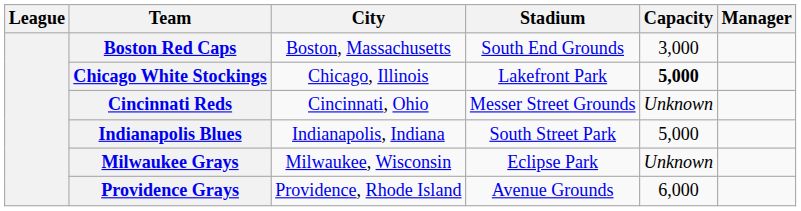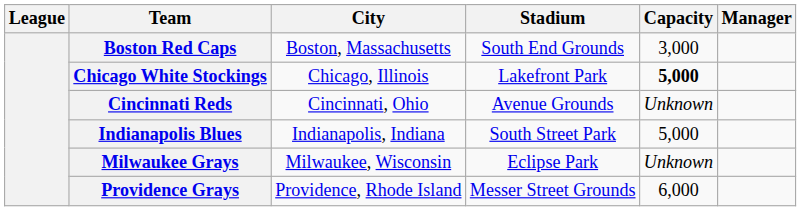 <table class="wikitable sortable plainrowheaders" style="text-align:center;">
 <tr>
 <th scope="col">League</th>
 <th scope="col">Team</th>
 <th scope="col">City</th>
 <th scope="col">Stadium</th>
 <th scope="col">Capacity</th>
 <th scope="col">Manager</th>
 </tr>
 <tr>
 <th rowspan="6"></th>
 <th scope="row"><a href='#'>Boston Red Caps</a></th>
 <td><a href='#'>Boston</a>, <a href='#'>Massachusetts</a></td>
 <td><a href='#'>South End Grounds</a></td>
 <td>3,000</td>
 <td></td>
 </tr>
 <tr>
 <th scope="row"><a href='#'>Chicago White Stockings</a></th>
 <td><a href='#'>Chicago</a>, <a href='#'>Illinois</a></td>
 <td><a href='#'>Lakefront Park</a></td>
 <td><strong>5,000</strong></td>
 <td></td>
 </tr>
 <tr>
 <th scope="row"><a href='#'>Cincinnati Reds</a></th>
 <td><a href='#'>Cincinnati</a>, <a href='#'>Ohio</a></td>
-<td><a href='#'>Messer Street Grounds</a></td>
+<td><a href='#'>Avenue Grounds</a></td>
 <td><em>Unknown</em></td>
 <td></td>
 </tr>
 <tr>
 <th scope="row"><a href='#'>Indianapolis Blues</a></th>
 <td><a href='#'>Indianapolis</a>, <a href='#'>Indiana</a></td>
 <td><a href='#'>South Street Park</a></td>
 <td>5,000</td>
 <td></td>
 </tr>
 <tr>
 <th scope="row"><a href='#'>Milwaukee Grays</a></th>
 <td><a href='#'>Milwaukee</a>, <a href='#'>Wisconsin</a></td>
 <td><a href='#'>Eclipse Park</a></td>
 <td><em>Unknown</em></td>
 <td></td>
 </tr>
 <tr>
 <th scope="row"><a href='#'>Providence Grays</a></th>
 <td><a href='#'>Providence</a>, <a href='#'>Rhode Island</a></td>
-<td><a href='#'>Avenue Grounds</a></td>
+<td><a href='#'>Messer Street Grounds</a></td>
 <td>6,000</td>
 <td></td>
 </tr>
 </table>
